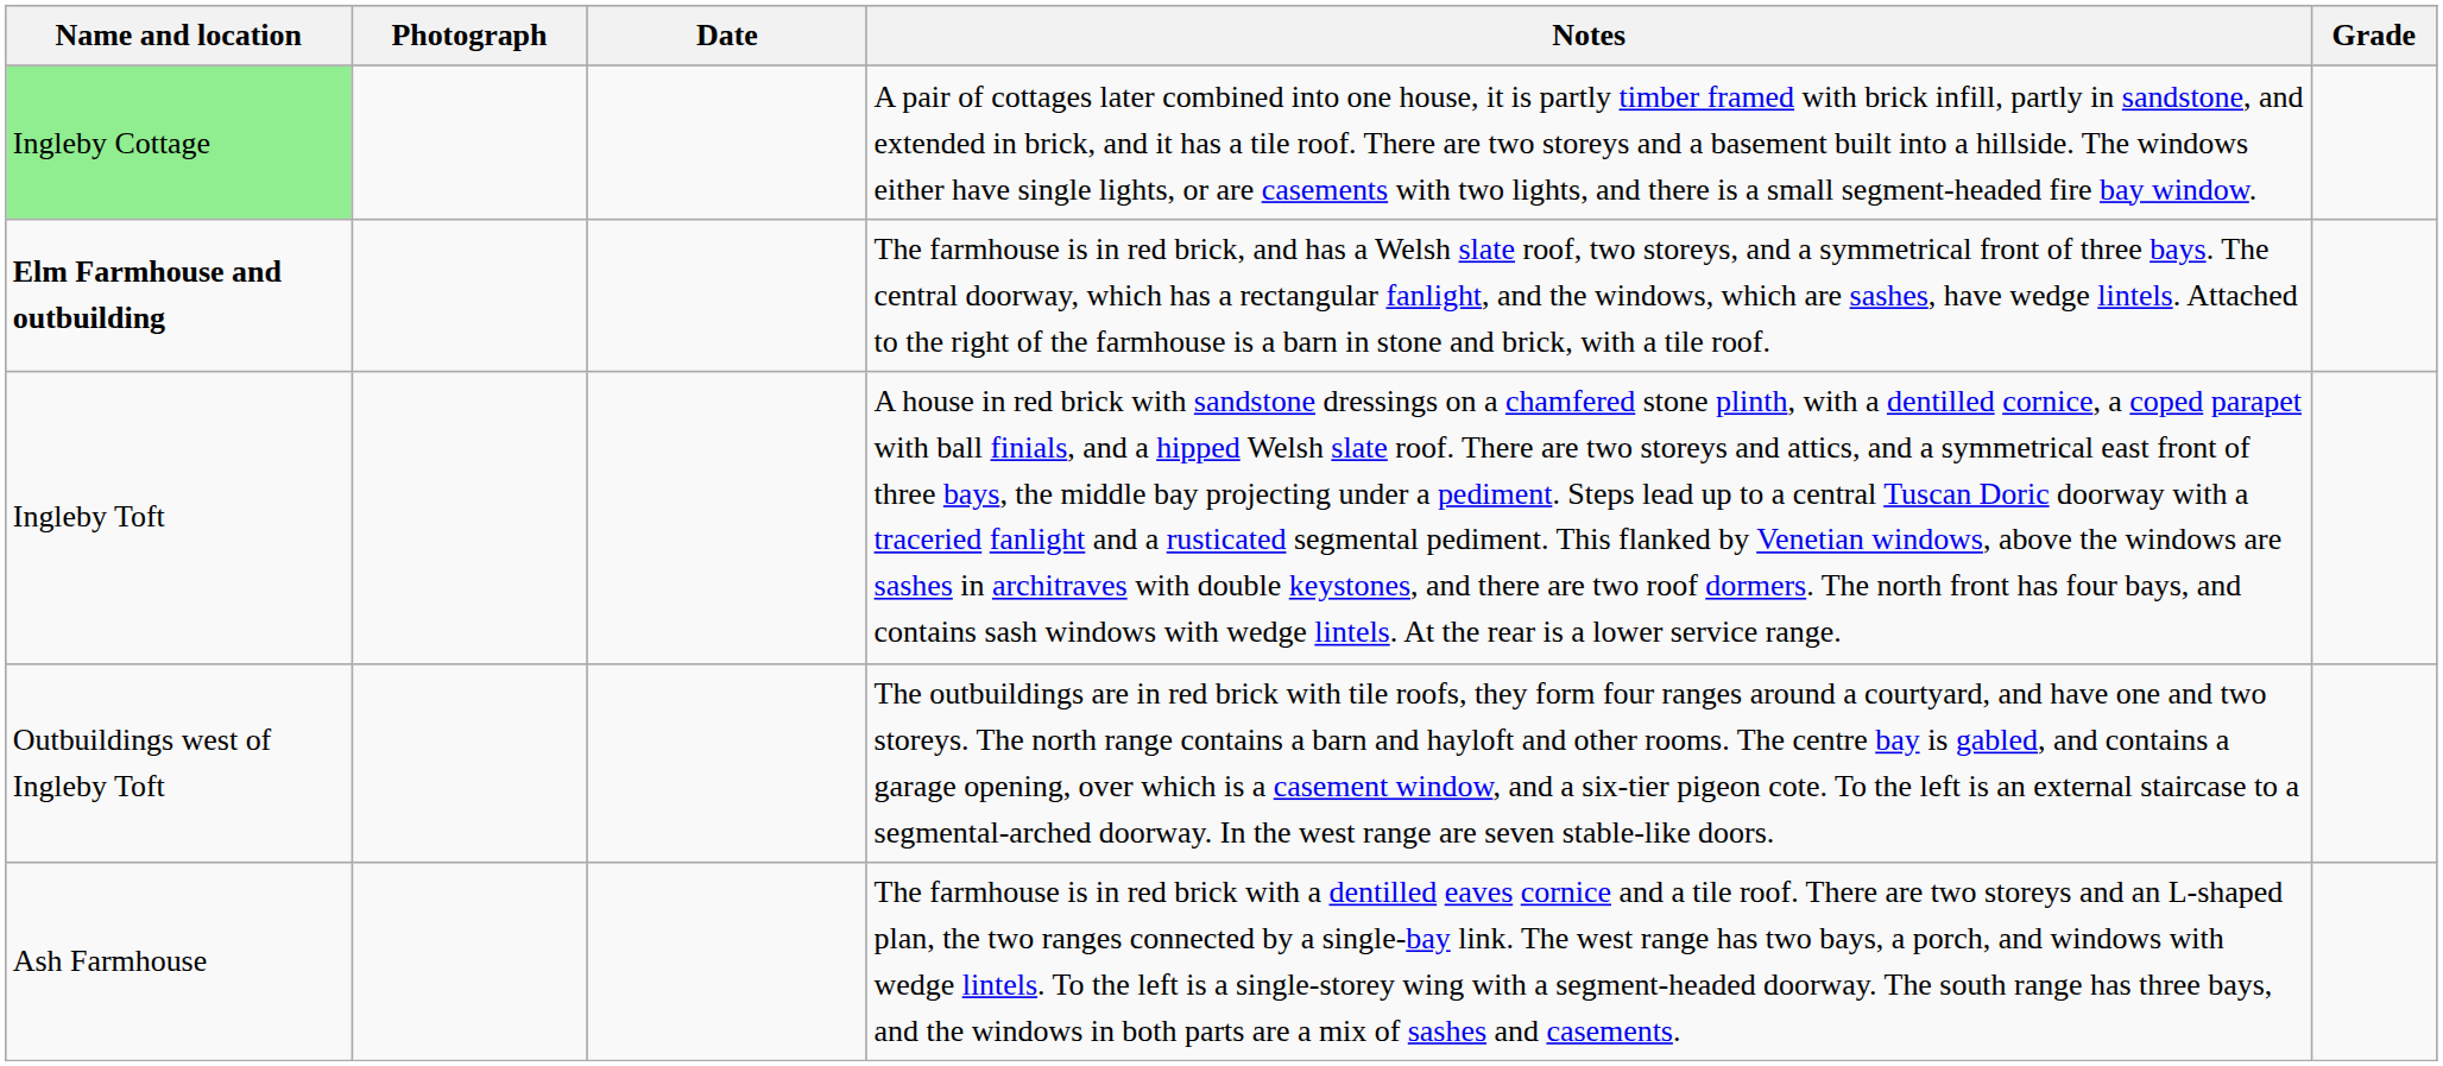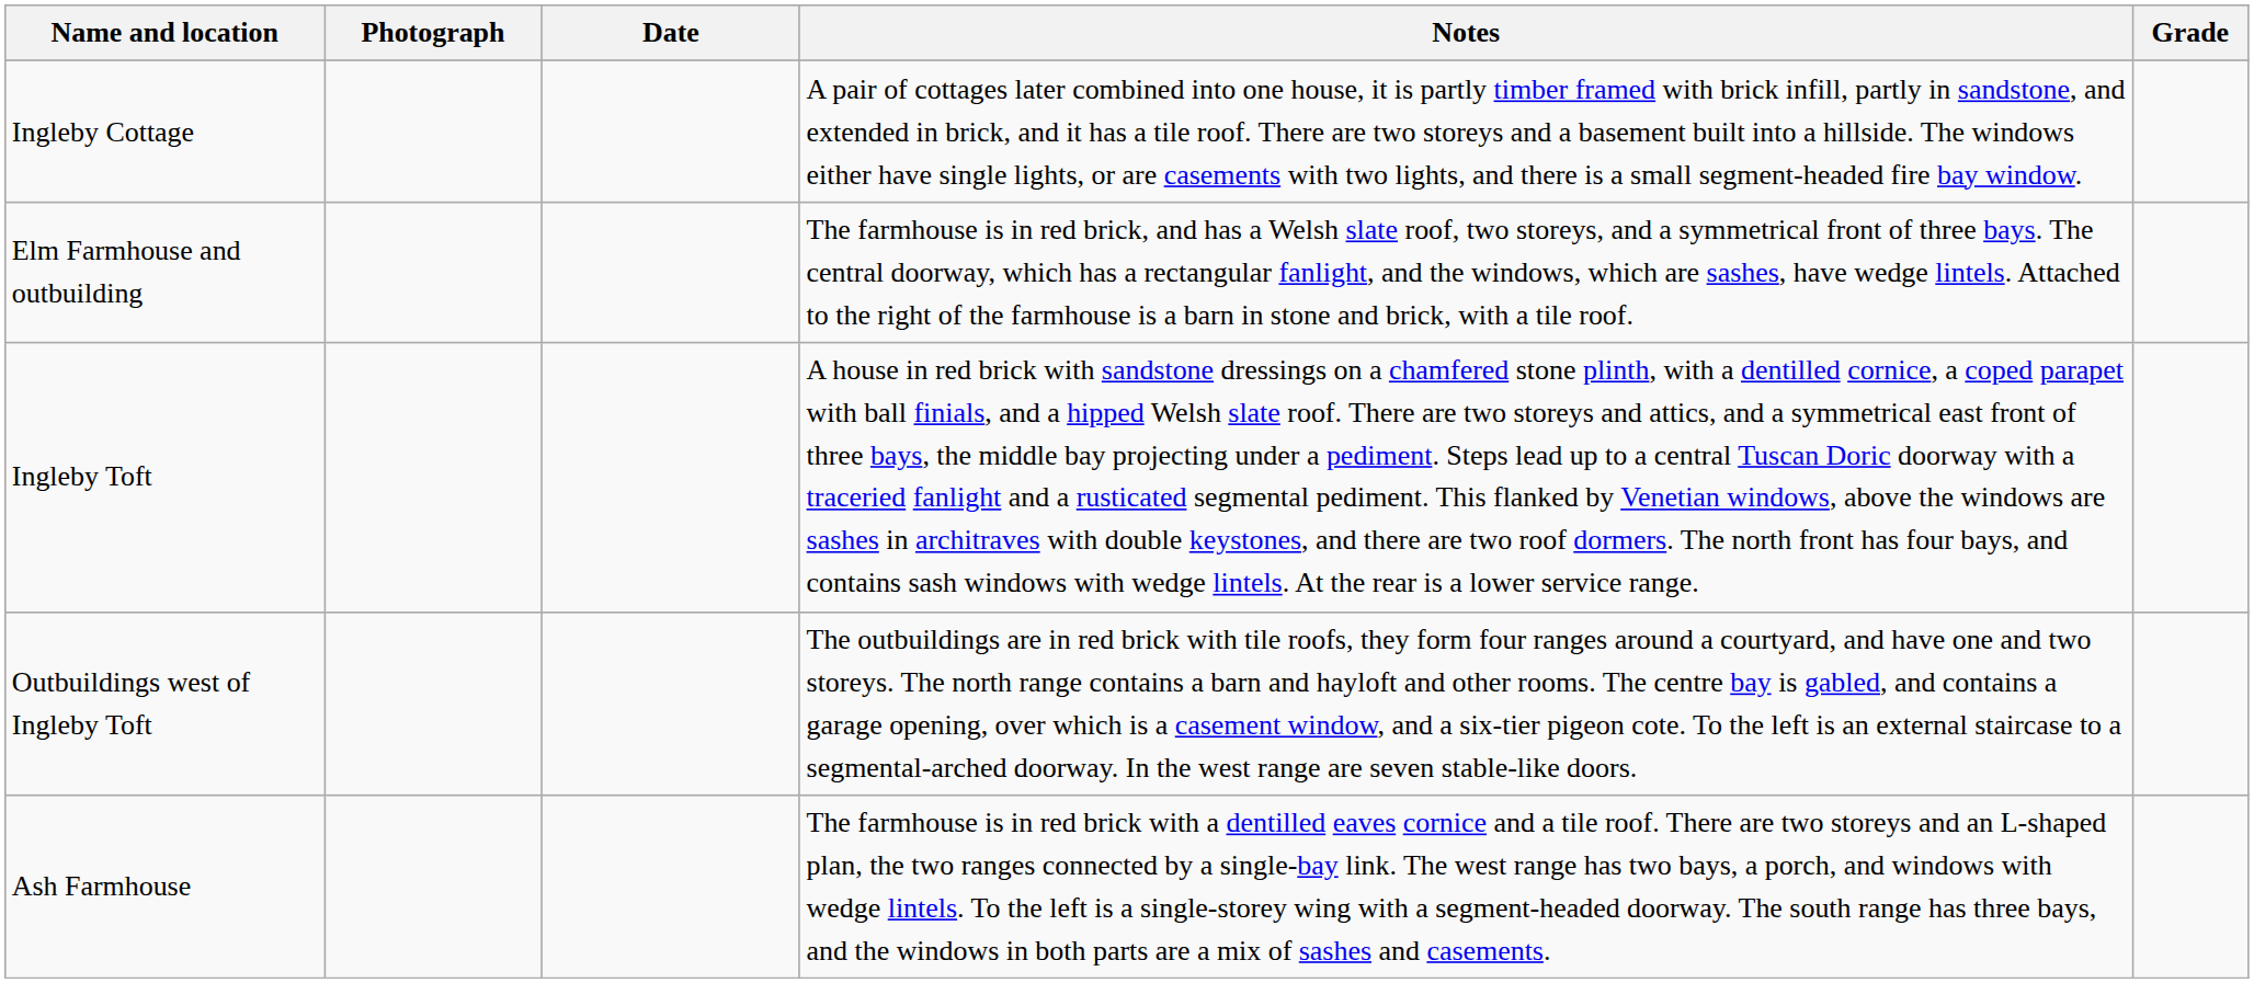 <table class="wikitable sortable plainrowheaders" style="width:100%; border:0; text-align:left; line-height:150%;">
 <tr>
 <th scope="col"  style="width:150px">Name and location</th>
 <th scope="col"  style="width:100px" class="unsortable">Photograph</th>
 <th scope="col"  style="width:120px">Date</th>
 <th scope="col"  style="width:650px" class="unsortable">Notes</th>
 <th scope="col"  style="width:50px">Grade</th>
 </tr>
 <tr>
-<td style="background: lightgreen;">Ingleby Cottage<br><small></small></td>
+<td>Ingleby Cottage<br><small></small></td>
 <td></td>
 <td align="center"></td>
 <td>A pair of cottages later combined into one house, it is partly <a href='#'>timber framed</a> with brick infill, partly in <a href='#'>sandstone</a>, and extended in brick, and it has a tile roof.  There are two storeys and a basement built into a hillside.  The windows either have single lights, or are <a href='#'>casements</a> with two lights, and there is a small segment-headed fire <a href='#'>bay window</a>.</td>
 <td align="center" ></td>
 </tr>
 <tr>
-<td><strong>Elm Farmhouse and outbuilding<br><small></small></strong></td>
+<td>Elm Farmhouse and outbuilding<br><small></small></td>
 <td></td>
 <td align="center"></td>
 <td>The farmhouse is in red brick, and has a Welsh <a href='#'>slate</a> roof, two storeys, and a symmetrical front of three <a href='#'>bays</a>.  The central doorway, which has a rectangular <a href='#'>fanlight</a>, and the windows, which are <a href='#'>sashes</a>, have wedge <a href='#'>lintels</a>.  Attached to the right of the farmhouse is a barn in stone and brick, with a tile roof.</td>
 <td align="center" ></td>
 </tr>
 <tr>
 <td>Ingleby Toft<br><small></small></td>
 <td></td>
 <td align="center"></td>
 <td>A house in red brick with <a href='#'>sandstone</a> dressings on a <a href='#'>chamfered</a> stone <a href='#'>plinth</a>, with a <a href='#'>dentilled</a> <a href='#'>cornice</a>, a <a href='#'>coped</a> <a href='#'>parapet</a> with ball <a href='#'>finials</a>, and a <a href='#'>hipped</a> Welsh <a href='#'>slate</a> roof.  There are two storeys and attics, and a symmetrical east front of three <a href='#'>bays</a>, the middle bay projecting under a <a href='#'>pediment</a>.  Steps lead up to a central <a href='#'>Tuscan Doric</a> doorway with a <a href='#'>traceried</a> <a href='#'>fanlight</a> and a <a href='#'>rusticated</a> segmental pediment.  This flanked by <a href='#'>Venetian windows</a>, above the windows are <a href='#'>sashes</a> in <a href='#'>architraves</a> with double <a href='#'>keystones</a>, and there are two roof <a href='#'>dormers</a>.  The north front has four bays, and contains sash windows with wedge <a href='#'>lintels</a>.  At the rear is a lower service range.</td>
 <td align="center" ></td>
 </tr>
 <tr>
 <td>Outbuildings west of Ingleby Toft<br><small></small></td>
 <td></td>
 <td align="center"></td>
 <td>The outbuildings are in red brick with tile roofs, they form four ranges around a courtyard, and have one and two storeys.  The north range contains a barn and hayloft and other rooms.  The centre <a href='#'>bay</a> is <a href='#'>gabled</a>, and contains a garage opening, over which is a <a href='#'>casement window</a>, and a six-tier pigeon cote.  To the left is an external staircase to a segmental-arched doorway.  In the west range are seven stable-like doors.</td>
 <td align="center" ></td>
 </tr>
 <tr>
 <td>Ash Farmhouse<br><small></small></td>
 <td></td>
 <td align="center"></td>
 <td>The farmhouse is in red brick with a <a href='#'>dentilled</a> <a href='#'>eaves</a> <a href='#'>cornice</a> and a tile roof.  There are two storeys and an L-shaped plan, the two ranges connected by a single-<a href='#'>bay</a> link.  The west range has two bays, a porch, and windows with wedge <a href='#'>lintels</a>.  To the left is a single-storey wing with a segment-headed doorway.  The south range has three bays, and the windows in both parts are a mix of <a href='#'>sashes</a> and <a href='#'>casements</a>.</td>
 <td align="center" ></td>
 </tr>
 <tr>
 </tr>
 </table>
